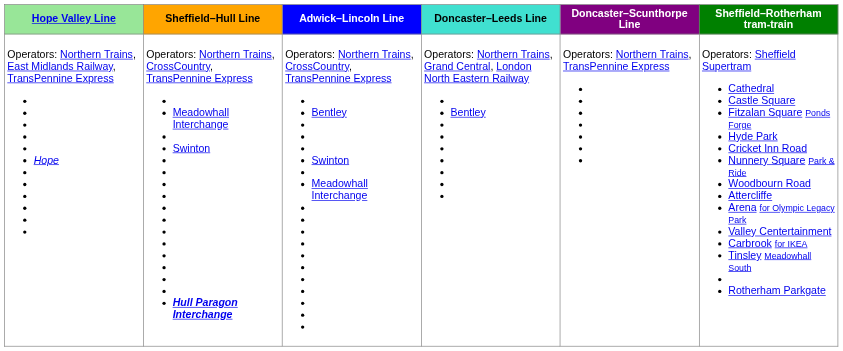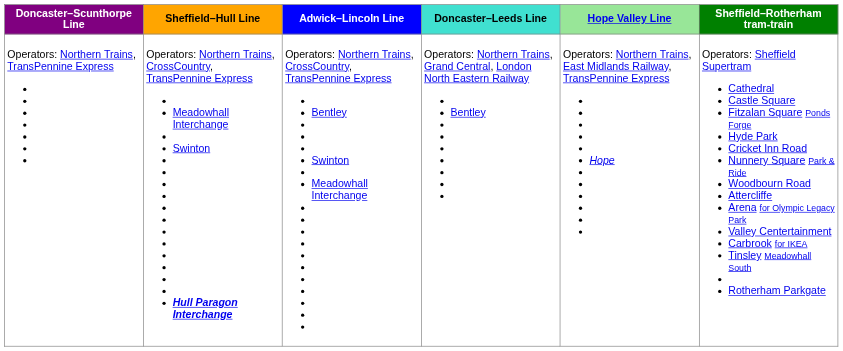 <table class="toccolours" style="border-collapse: collapse;" cellspacing="2" cellpadding="4" border="1">
 <tr>
-<th style="background: #98e698; color: white;" width="16%"><a href='#'>Hope Valley Line</a></th>
+<th style="background: purple; color: white;" width="16%">Doncaster–Scunthorpe Line</th>
 <th style="background: orange;" width="16%">Sheffield–Hull Line</th>
 <th style="background: blue; color: white;" width="16%">Adwick–Lincoln Line</th>
 <th style="background: turquoise;" width="16%">Doncaster–Leeds Line</th>
-<th style="background: purple; color: white;" width="16%">Doncaster–Scunthorpe Line</th>
+<th style="background: #98e698; color: white;" width="16%"><a href='#'>Hope Valley Line</a></th>
 <th style="background: green; color: white;" width="16%">Sheffield–Rotherham tram-train</th>
 </tr>
 <tr>
-<td valign="top"><br>Operators: <a href='#'>Northern Trains</a>, <a href='#'>East Midlands Railway</a>, <a href='#'>TransPennine Express</a><ul><li><strong></strong>  </li><li></li><li><em></em></li><li><em></em></li><li><em></em></li><li><em><a href='#'>Hope</a></em></li><li><em></em></li><li><em></em></li><li><em></em></li><li><em></em></li><li><em></em></li><li><strong><em></em></strong> </li></ul></td>
+<td valign="top"><br>Operators: <a href='#'>Northern Trains</a>, <a href='#'>TransPennine Express</a><ul><li><strong></strong> </li><li></li><li></li><li></li><li><em></em></li><li><em></em></li><li><strong><em></em></strong></li></ul></td>
 <td valign="top"><br>Operators: <a href='#'>Northern Trains</a>, <a href='#'>CrossCountry</a>, <a href='#'>TransPennine Express</a><ul><li><strong></strong>  </li><li><a href='#'>Meadowhall Interchange</a>  </li><li>  </li><li><a href='#'>Swinton</a></li><li> </li><li></li><li> </li><li></li><li></li><li></li><li><em></em></li><li><em></em></li><li><em></em></li><li><em></em></li><li><em></em></li><li><em></em></li><li><strong><em><a href='#'>Hull Paragon Interchange</a></em></strong></li></ul></td>
 <td valign="top"><br>Operators: <a href='#'>Northern Trains</a>, <a href='#'>CrossCountry</a>, <a href='#'>TransPennine Express</a><ul><li><strong></strong> </li><li><a href='#'>Bentley</a></li><li> </li><li></li><li> </li><li><a href='#'>Swinton</a></li><li>  </li><li><a href='#'>Meadowhall Interchange</a>  </li><li>  </li><li></li><li></li><li></li><li></li><li><em></em></li><li><em></em></li><li><em></em></li><li><em></em></li><li><em></em></li><li><strong><em></em></strong></li></ul></td>
 <td valign="top"><br>Operators: <a href='#'>Northern Trains</a>, <a href='#'>Grand Central</a>, <a href='#'>London North Eastern Railway</a><ul><li><strong></strong> </li><li><a href='#'>Bentley</a></li><li> </li><li><em></em> </li><li><em></em></li><li><em></em></li><li><em></em></li><li><em></em></li><li><strong><em></em></strong></li></ul></td>
-<td valign="top"><br>Operators: <a href='#'>Northern Trains</a>, <a href='#'>TransPennine Express</a><ul><li><strong></strong> </li><li></li><li></li><li></li><li><em></em></li><li><em></em></li><li><strong><em></em></strong></li></ul></td>
+<td valign="top"><br>Operators: <a href='#'>Northern Trains</a>, <a href='#'>East Midlands Railway</a>, <a href='#'>TransPennine Express</a><ul><li><strong></strong>  </li><li></li><li><em></em></li><li><em></em></li><li><em></em></li><li><em><a href='#'>Hope</a></em></li><li><em></em></li><li><em></em></li><li><em></em></li><li><em></em></li><li><em></em></li><li><strong><em></em></strong> </li></ul></td>
 <td valign="top"><br>Operators: <a href='#'>Sheffield Supertram</a><ul><li><a href='#'>Cathedral</a></li><li><a href='#'>Castle Square</a></li><li><a href='#'>Fitzalan Square</a> <small><a href='#'>Ponds Forge</a></small> </li><li><a href='#'>Hyde Park</a></li><li><a href='#'>Cricket Inn Road</a></li><li><a href='#'>Nunnery Square</a> <small><a href='#'>Park & Ride</a></small> </li><li><a href='#'>Woodbourn Road</a></li><li><a href='#'>Attercliffe</a></li><li><a href='#'>Arena</a> <small><a href='#'>for Olympic Legacy Park</a></small></li><li><a href='#'>Valley Centertainment</a> </li><li><a href='#'>Carbrook</a> <small><a href='#'>for IKEA</a></small> </li><li><a href='#'>Tinsley</a> <small><a href='#'>Meadowhall South</a></small></li><li>  </li><li><a href='#'>Rotherham Parkgate</a> </li></ul></td>
 </tr>
 </table>
